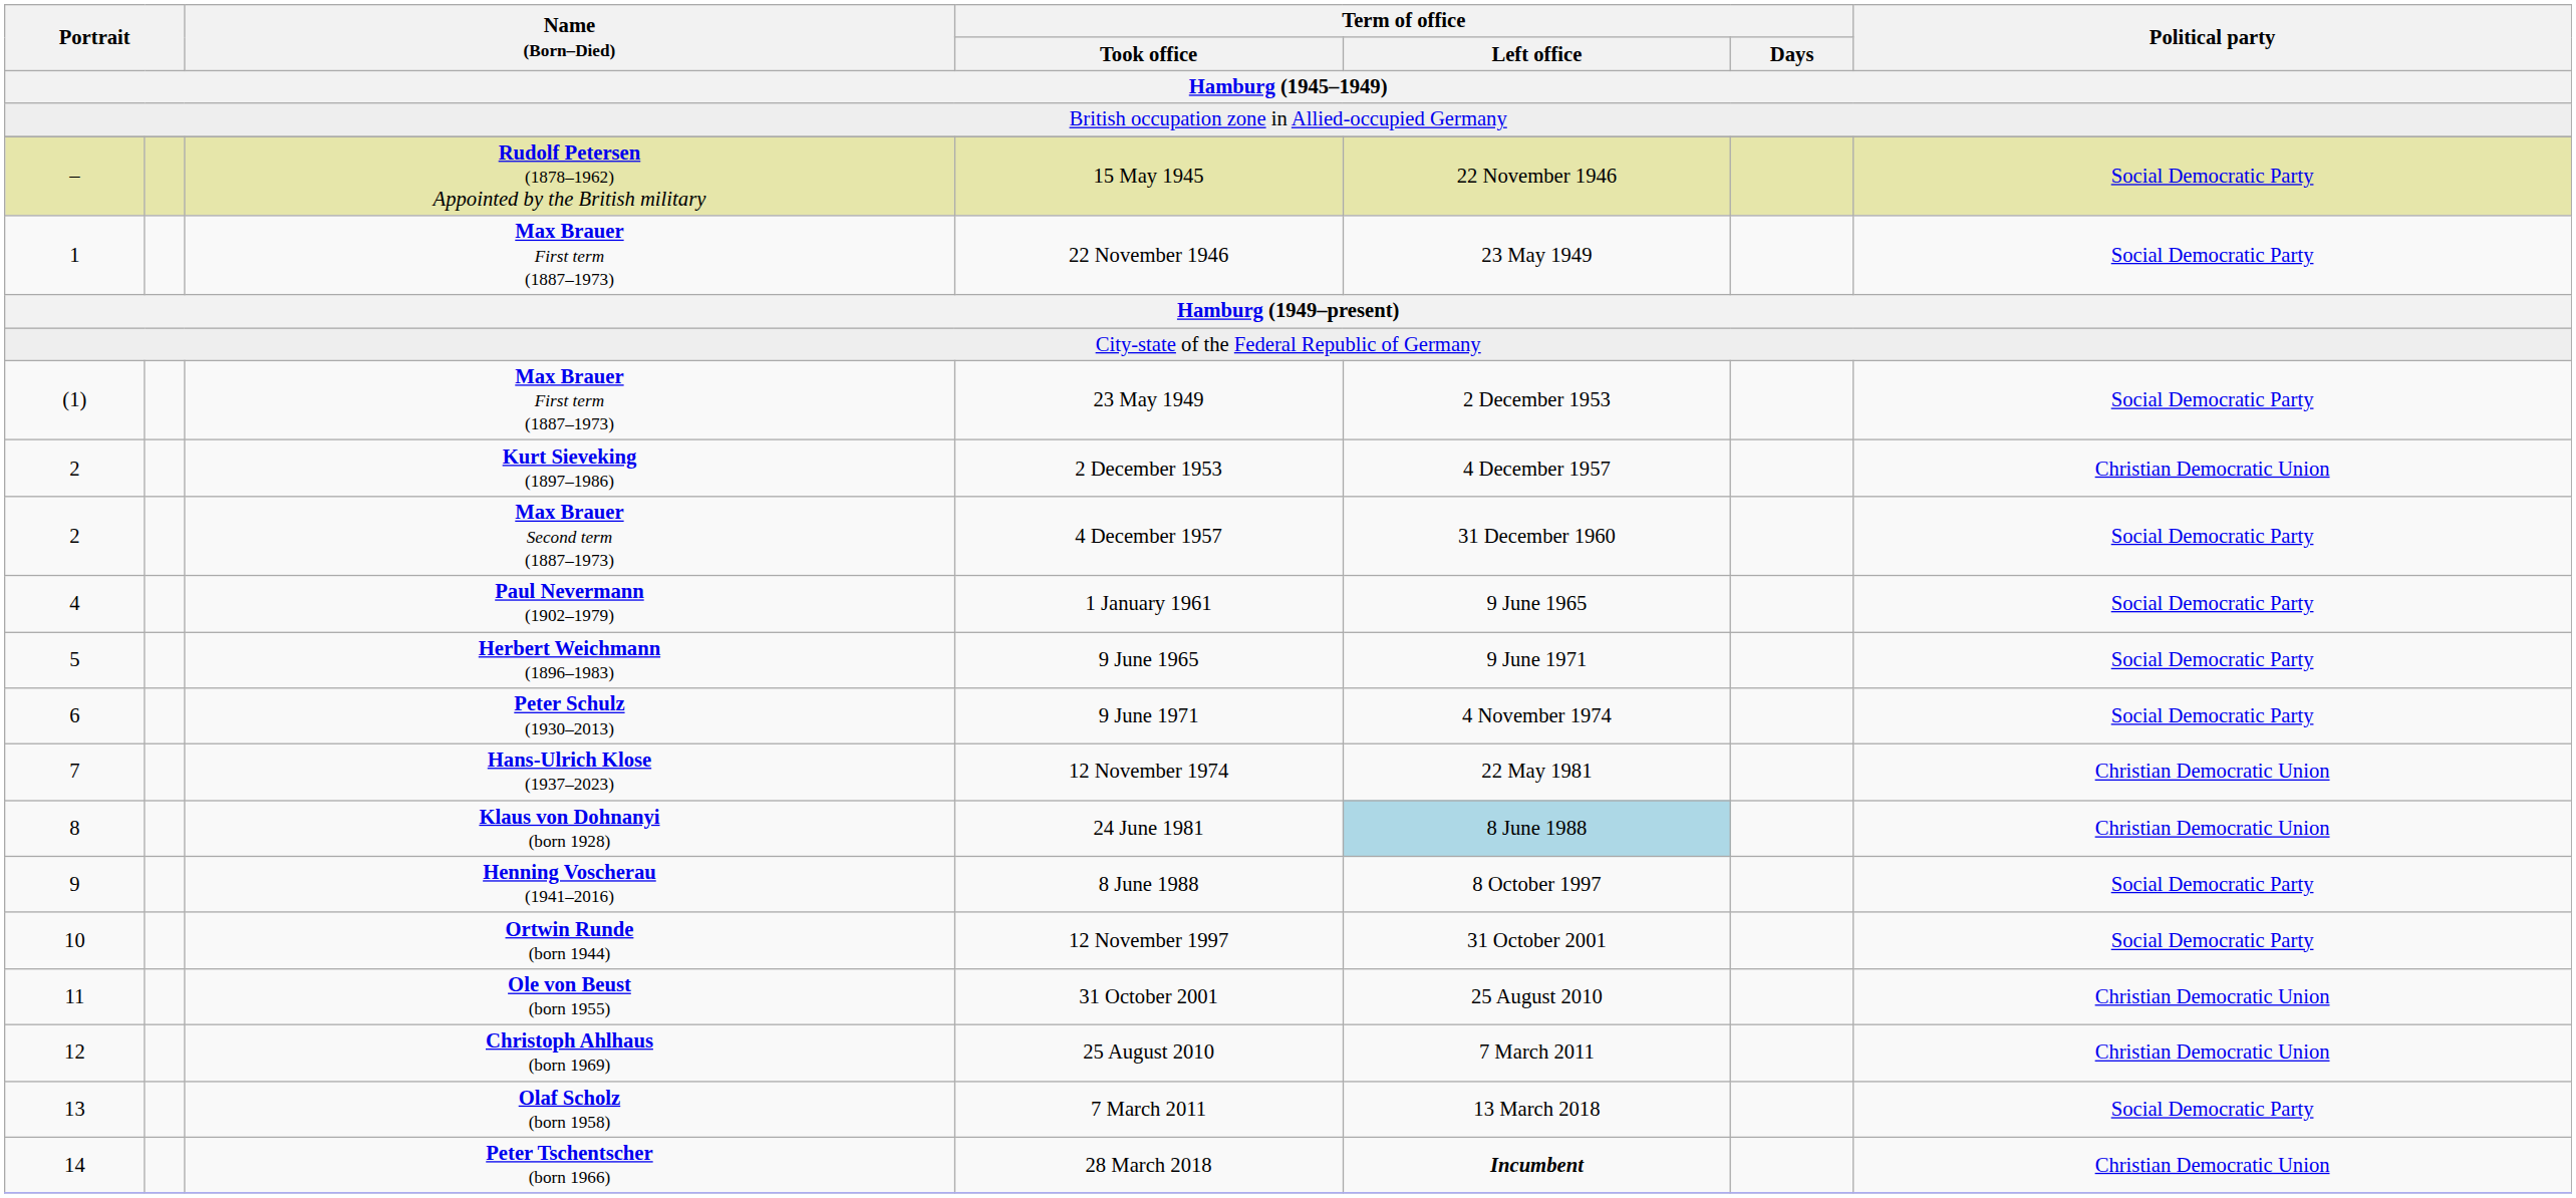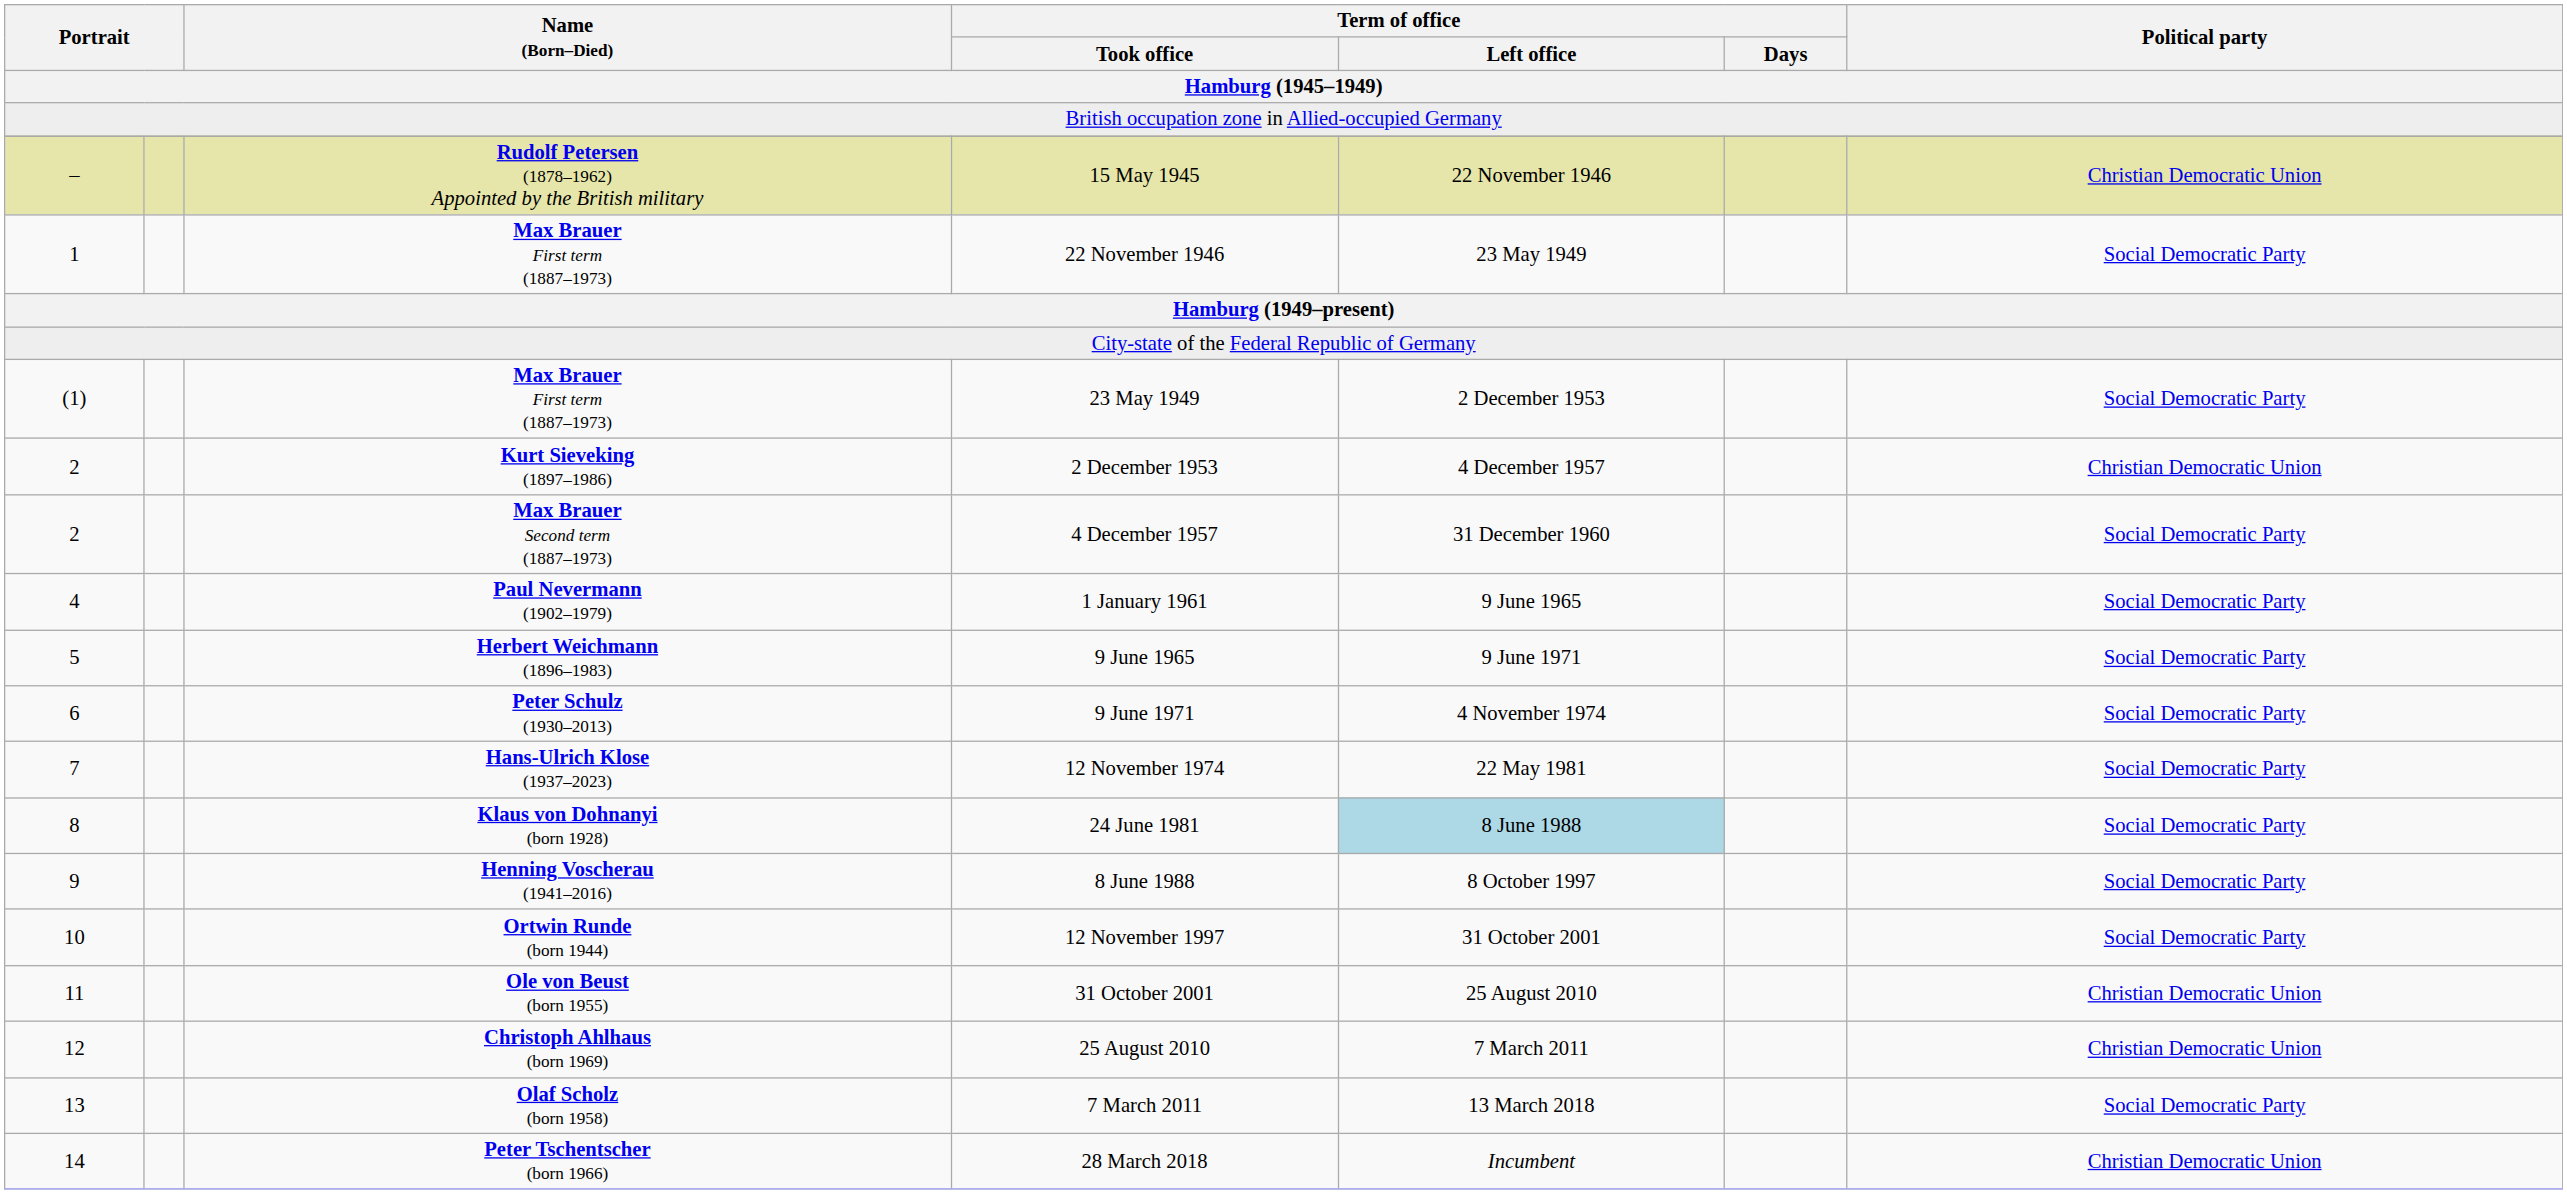 <table class="wikitable" style="text-align:center; width:100%; border:1px #AAAAFF solid">
 <tr>
 <th width=80px rowspan=2 colspan=2>Portrait</th>
 <th width=30% rowspan=2>Name<br><small>(Born–Died)</small></th>
 <th width=35% colspan=3>Term of office</th>
 <th width=28% rowspan=2>Political party</th>
 </tr>
 <tr>
 <th>Took office</th>
 <th>Left office</th>
 <th>Days</th>
 </tr>
 <tr>
 <th colspan="7"><a href='#'>Hamburg</a> (1945–1949)</th>
 </tr>
 <tr>
 <td bgcolor=#EEEEEE colspan=8><a href='#'>British occupation zone</a> in <a href='#'>Allied-occupied Germany</a></td>
 </tr>
 <tr>
 </tr>
 <tr style="background-color: #E6E6AA">
 <td style="background:">–</td>
 <td></td>
 <td><strong><a href='#'>Rudolf Petersen</a></strong><br><small>(1878–1962)</small><br><em>Appointed by the British military</em></td>
 <td>15 May 1945</td>
 <td>22 November 1946</td>
 <td></td>
-<td><a href='#'>Social Democratic Party</a></td>
+<td><a href='#'>Christian Democratic Union</a></td>
 </tr>
 <tr>
 <td style="background:">1</td>
 <td></td>
 <td><strong><a href='#'>Max Brauer</a></strong><br><small><em>First term</em></small><br><small>(1887–1973)</small></td>
 <td>22 November 1946</td>
 <td>23 May 1949</td>
 <td></td>
 <td><a href='#'>Social Democratic Party</a></td>
 </tr>
 <tr>
 <th colspan="7"><a href='#'>Hamburg</a> (1949–present)</th>
 </tr>
 <tr>
 <td bgcolor=#EEEEEE colspan=8><a href='#'>City-state</a> of the <a href='#'>Federal Republic of Germany</a></td>
 </tr>
 <tr>
 <td style="background:">(1)</td>
 <td></td>
 <td><strong><a href='#'>Max Brauer</a></strong><br><small><em>First term</em></small><br><small>(1887–1973)</small></td>
 <td>23 May 1949</td>
 <td>2 December 1953</td>
 <td></td>
 <td><a href='#'>Social Democratic Party</a></td>
 </tr>
 <tr>
 <td style="background:">2</td>
 <td></td>
 <td><strong><a href='#'>Kurt Sieveking</a></strong><br><small>(1897–1986)</small></td>
 <td>2 December 1953</td>
 <td>4 December 1957</td>
 <td></td>
 <td><a href='#'>Christian Democratic Union</a></td>
 </tr>
 <tr>
 <td style="background:">2<br></td>
 <td></td>
 <td><strong><a href='#'>Max Brauer</a></strong><br><small><em>Second term</em></small><br><small>(1887–1973)</small></td>
 <td>4 December 1957</td>
 <td>31 December 1960<br></td>
 <td></td>
 <td><a href='#'>Social Democratic Party</a></td>
 </tr>
 <tr>
 <td style="background:">4</td>
 <td></td>
 <td><strong><a href='#'>Paul Nevermann</a></strong><br><small>(1902–1979)</small></td>
 <td>1 January 1961</td>
 <td>9 June 1965<br></td>
 <td></td>
 <td><a href='#'>Social Democratic Party</a></td>
 </tr>
 <tr>
 <td style="background:">5</td>
 <td></td>
 <td><strong><a href='#'>Herbert Weichmann</a></strong><br><small>(1896–1983)</small></td>
 <td>9 June 1965</td>
 <td>9 June 1971<br></td>
 <td></td>
 <td><a href='#'>Social Democratic Party</a></td>
 </tr>
 <tr>
 <td style="background:">6</td>
 <td></td>
 <td><strong><a href='#'>Peter Schulz</a></strong><br><small>(1930–2013)</small></td>
 <td>9 June 1971</td>
 <td>4 November 1974<br></td>
 <td></td>
 <td><a href='#'>Social Democratic Party</a></td>
 </tr>
 <tr>
 <td style="background:">7</td>
 <td></td>
 <td><strong><a href='#'>Hans-Ulrich Klose</a></strong><br><small>(1937–2023)</small></td>
 <td>12 November 1974</td>
 <td>22 May 1981<br></td>
 <td></td>
-<td><a href='#'>Christian Democratic Union</a></td>
+<td><a href='#'>Social Democratic Party</a></td>
 </tr>
 <tr>
 <td style="background:">8</td>
 <td></td>
 <td><strong><a href='#'>Klaus von Dohnanyi</a></strong><br><small>(born 1928)</small></td>
 <td>24 June 1981</td>
 <td style="background: lightblue;">8 June 1988</td>
 <td></td>
-<td><a href='#'>Christian Democratic Union</a></td>
+<td><a href='#'>Social Democratic Party</a></td>
 </tr>
 <tr>
 <td style="background:">9</td>
 <td></td>
 <td><strong><a href='#'>Henning Voscherau</a></strong><br><small>(1941–2016)</small></td>
 <td>8 June 1988</td>
 <td>8 October 1997<br></td>
 <td></td>
 <td><a href='#'>Social Democratic Party</a></td>
 </tr>
 <tr>
 <td style="background:">10</td>
 <td></td>
 <td><strong><a href='#'>Ortwin Runde</a></strong><br><small>(born 1944)</small></td>
 <td>12 November 1997</td>
 <td>31 October 2001</td>
 <td></td>
 <td><a href='#'>Social Democratic Party</a></td>
 </tr>
 <tr>
 <td style="background:">11</td>
 <td></td>
 <td><strong><a href='#'>Ole von Beust</a></strong><br><small>(born 1955)</small></td>
 <td>31 October 2001</td>
 <td>25 August 2010<br></td>
 <td></td>
 <td><a href='#'>Christian Democratic Union</a></td>
 </tr>
 <tr>
 <td style="background:">12</td>
 <td></td>
 <td><strong><a href='#'>Christoph Ahlhaus</a></strong><br><small>(born 1969)</small></td>
 <td>25 August 2010</td>
 <td>7 March 2011</td>
 <td></td>
 <td><a href='#'>Christian Democratic Union</a></td>
 </tr>
 <tr>
 <td style="background:">13</td>
 <td></td>
 <td><strong><a href='#'>Olaf Scholz</a></strong><br><small>(born 1958)</small></td>
 <td>7 March 2011</td>
 <td>13 March 2018<br></td>
 <td></td>
 <td><a href='#'>Social Democratic Party</a></td>
 </tr>
 <tr>
 <td style="background:">14</td>
 <td></td>
 <td><strong><a href='#'>Peter Tschentscher</a></strong><br><small>(born 1966)</small></td>
 <td>28 March 2018</td>
-<td><strong><em>Incumbent</em></strong></td>
+<td><em>Incumbent</em></td>
 <td></td>
 <td><a href='#'>Christian Democratic Union</a></td>
 </tr>
 <tr>
 </tr>
 </table>
